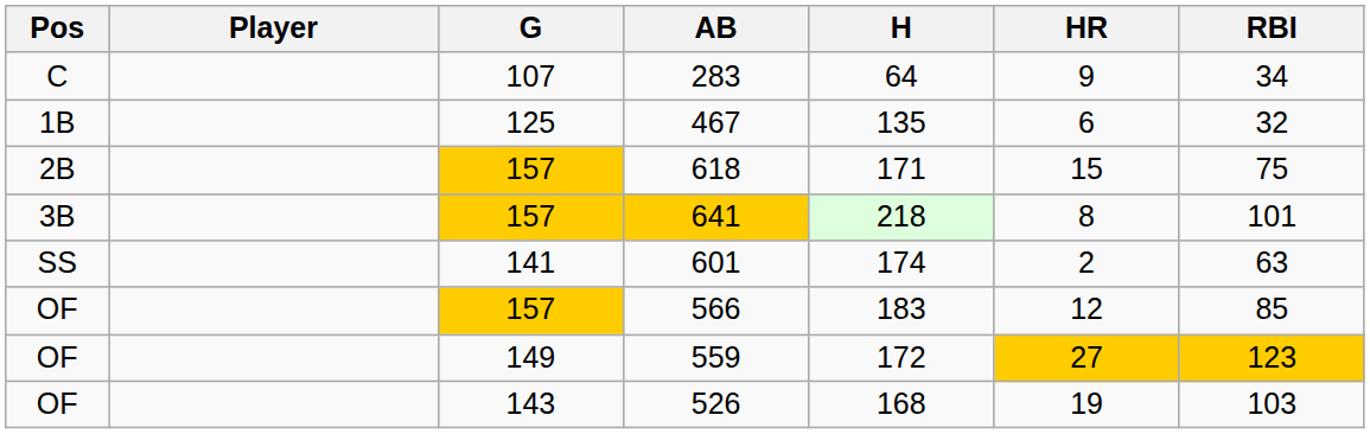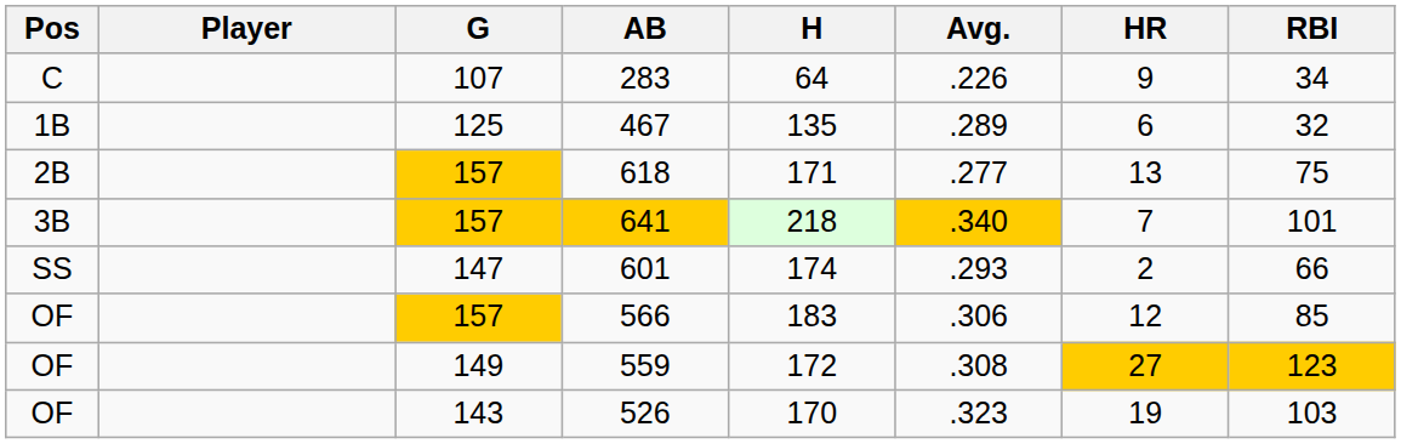 <table class="wikitable sortable">
 <tr>
 <th bgcolor="#DDDDFF" width="5%">Pos</th>
 <th bgcolor="#DDDDFF" width="16%">Player</th>
 <th bgcolor="#DDDDFF" width="9%">G</th>
 <th bgcolor="#DDDDFF" width="9%">AB</th>
 <th bgcolor="#DDDDFF" width="9%">H</th>
+<th bgcolor="#DDDDFF" width="9%">Avg.</th>
 <th bgcolor="#DDDDFF" width="9%">HR</th>
 <th bgcolor="#DDDDFF" width="9%">RBI</th>
 </tr>
 <tr align="center">
 <td>C</td>
 <td></td>
 <td>107</td>
 <td>283</td>
 <td>64</td>
+<td>.226</td>
 <td>9</td>
 <td>34</td>
 </tr>
 <tr align="center">
 <td>1B</td>
 <td></td>
 <td>125</td>
 <td>467</td>
 <td>135</td>
+<td>.289</td>
 <td>6</td>
 <td>32</td>
 </tr>
 <tr align="center">
 <td>2B</td>
 <td></td>
 <td style="background:#fc0;">157</td>
 <td>618</td>
 <td>171</td>
-<td>15</td>
+<td>.277</td>
+<td>13</td>
 <td>75</td>
 </tr>
 <tr align="center">
 <td>3B</td>
 <td></td>
 <td style="background:#fc0;">157</td>
 <td style="background:#fc0;">641</td>
 <td style="background:#DDFFDD;">218</td>
-<td>8</td>
+<td style="background:#fc0;">.340</td>
+<td>7</td>
 <td>101</td>
 </tr>
 <tr align="center">
 <td>SS</td>
 <td></td>
-<td>141</td>
+<td>147</td>
 <td>601</td>
 <td>174</td>
+<td>.293</td>
 <td>2</td>
-<td>63</td>
+<td>66</td>
 </tr>
 <tr align="center">
 <td>OF</td>
 <td></td>
 <td style="background:#fc0;">157</td>
 <td>566</td>
 <td>183</td>
+<td>.306</td>
 <td>12</td>
 <td>85</td>
 </tr>
 <tr align="center">
 <td>OF</td>
 <td></td>
 <td>149</td>
 <td>559</td>
 <td>172</td>
+<td>.308</td>
 <td style="background:#fc0;">27</td>
 <td style="background:#fc0;">123</td>
 </tr>
 <tr align="center">
 <td>OF</td>
 <td></td>
 <td>143</td>
 <td>526</td>
-<td>168</td>
+<td>170</td>
+<td>.323</td>
 <td>19</td>
 <td>103</td>
 </tr>
 </table>
